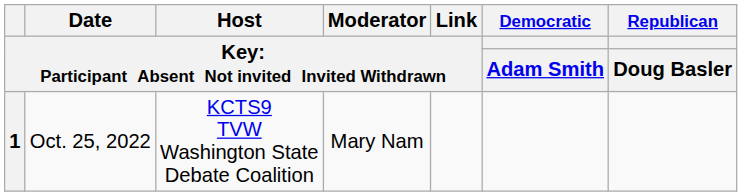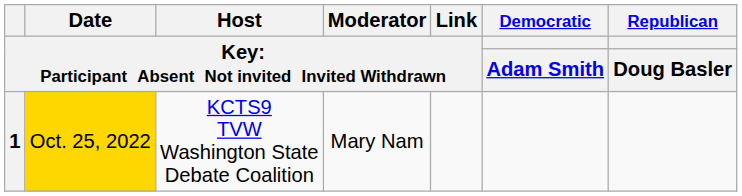 <table class="wikitable" style="text-align:center;">
 <tr>
 <th scope="col"></th>
 <th scope="col">Date</th>
 <th scope="col">Host</th>
 <th scope="col">Moderator</th>
 <th scope="col">Link</th>
 <th scope="col"><small><a href='#'>Democratic</a></small></th>
 <th scope="col"><small><a href='#'>Republican</a></small></th>
 </tr>
 <tr>
 <th colspan="5" rowspan="2">Key:<br> <small>Participant </small>  <small>Absent </small>  <small>Not invited </small>  <small>Invited  Withdrawn</small></th>
 <th scope="col" style="background:"></th>
 <th scope="col" style="background:"></th>
 </tr>
 <tr>
 <th scope="col"><a href='#'>Adam Smith</a></th>
 <th scope="col">Doug Basler</th>
 </tr>
 <tr>
 <th>1</th>
-<td style="white-space:nowrap;">Oct. 25, 2022</td>
+<td style="background: gold; white-space:nowrap;">Oct. 25, 2022</td>
 <td style="white-space:nowrap;"><a href='#'>KCTS9</a><br><a href='#'>TVW</a><br>Washington State<br>Debate Coalition</td>
 <td style="white-space:nowrap;">Mary Nam</td>
 <td style="white-space:nowrap;"></td>
 <td></td>
 <td></td>
 </tr>
 </table>
